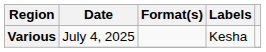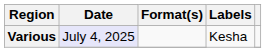 <table class="wikitable plainrowheaders">
 <tr>
 <th scope="col">Region</th>
 <th scope="col">Date</th>
 <th scope="col">Format(s)</th>
 <th scope="col">Labels</th>
 <th scope="col"></th>
 </tr>
 <tr>
 <th rowspan="2" scope="row">Various</th>
-<td>July 4, 2025</td>
+<td style="background: lavender;">July 4, 2025</td>
 <td></td>
 <td rowspan="2">Kesha</td>
 <td align="center"></td>
 </tr>
 <tr>
 </tr>
 </table>
